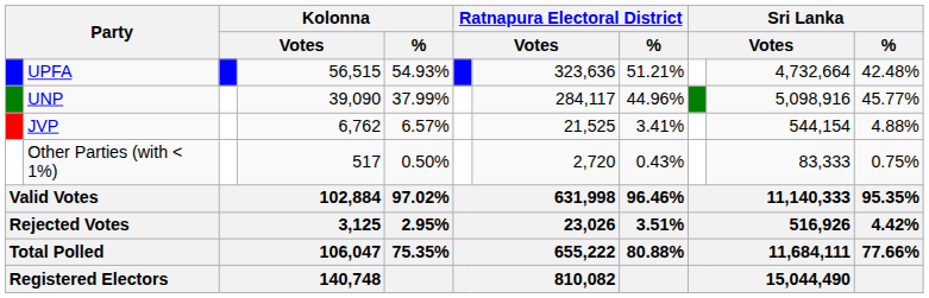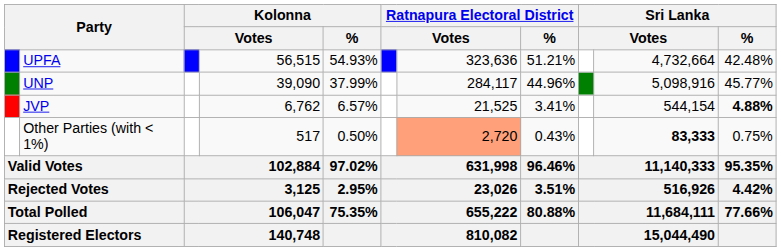 <table class="wikitable">
 <tr>
 <th colspan="2" width="144px"rowspan="2">Party</th>
 <th colspan="3" width="216px">Kolonna</th>
 <th colspan="3" width="216px"><a href='#'>Ratnapura Electoral District</a></th>
 <th colspan="3" width="216px">Sri Lanka</th>
 </tr>
 <tr>
 <th colspan="2" width="144px">Votes</th>
 <th>%</th>
 <th colspan="2" width="144px">Votes</th>
 <th>%</th>
 <th colspan="2" width="144px">Votes</th>
 <th>%</th>
 </tr>
 <tr>
 <td style="background-color:blue;" width="10px"></td>
 <td style="text-align:left;"><a href='#'>UPFA</a></td>
 <td style="background-color:blue;" width="10px"></td>
 <td style="text-align:right;">56,515</td>
 <td style="text-align:right;">54.93%</td>
 <td style="background-color:blue;" width="10px"></td>
 <td style="text-align:right;">323,636</td>
 <td style="text-align:right;">51.21%</td>
 <td style="background-color:white;" width="10px"></td>
 <td style="text-align:right;">4,732,664</td>
 <td style="text-align:right;">42.48%</td>
 </tr>
 <tr>
 <td style="background-color:green;" width="10px"></td>
 <td style="text-align:left;"><a href='#'>UNP</a></td>
 <td style="background-color:white;" width="10px"></td>
 <td style="text-align:right;">39,090</td>
 <td style="text-align:right;">37.99%</td>
 <td style="background-color:white;" width="10px"></td>
 <td style="text-align:right;">284,117</td>
 <td style="text-align:right;">44.96%</td>
 <td style="background-color:green;" width="10px"></td>
 <td style="text-align:right;">5,098,916</td>
 <td style="text-align:right;">45.77%</td>
 </tr>
 <tr>
 <td style="background-color:red;" width="10px"></td>
 <td style="text-align:left;"><a href='#'>JVP</a></td>
 <td style="background-color:white;" width="10px"></td>
 <td style="text-align:right;">6,762</td>
 <td style="text-align:right;">6.57%</td>
 <td style="background-color:white;" width="10px"></td>
 <td style="text-align:right;">21,525</td>
 <td style="text-align:right;">3.41%</td>
 <td style="background-color:white;" width="10px"></td>
 <td style="text-align:right;">544,154</td>
-<td style="text-align:right;">4.88%</td>
+<td style="text-align:right;"><strong>4.88%</strong></td>
 </tr>
 <tr>
 <td style="background-color:white;" width="10px"></td>
 <td style="text-align:left;">Other Parties (with < 1%)</td>
 <td style="background-color:white;" width="10px"></td>
 <td style="text-align:right;">517</td>
 <td style="text-align:right;">0.50%</td>
 <td style="background-color:white;" width="10px"></td>
-<td style="text-align:right;">2,720</td>
+<td style="background: lightsalmon; text-align:right;">2,720</td>
 <td style="text-align:right;">0.43%</td>
 <td style="background-color:white;" width="10px"></td>
-<td style="text-align:right;">83,333</td>
+<td style="text-align:right;"><strong>83,333</strong></td>
 <td style="text-align:right;">0.75%</td>
 </tr>
 <tr>
 <th colspan="2" width="144px"style="text-align:left;">Valid Votes</th>
 <th style="text-align:right;"colspan="2" width="144px">102,884</th>
 <th style="text-align:right;">97.02%</th>
 <th style="text-align:right;"colspan="2" width="144px">631,998</th>
 <th style="text-align:right;">96.46%</th>
 <th style="text-align:right;"colspan="2" width="144px">11,140,333</th>
 <th style="text-align:right;">95.35%</th>
 </tr>
 <tr>
 <th colspan="2" width="144px"style="text-align:left;">Rejected Votes</th>
 <th style="text-align:right;"colspan="2" width="144px">3,125</th>
 <th style="text-align:right;">2.95%</th>
 <th style="text-align:right;"colspan="2" width="144px">23,026</th>
 <th style="text-align:right;">3.51%</th>
 <th style="text-align:right;"colspan="2" width="144px">516,926</th>
 <th style="text-align:right;">4.42%</th>
 </tr>
 <tr>
 <th colspan="2" width="144px"style="text-align:left;">Total Polled</th>
 <th style="text-align:right;"colspan="2" width="144px">106,047</th>
 <th style="text-align:right;">75.35%</th>
 <th style="text-align:right;"colspan="2" width="144px">655,222</th>
 <th style="text-align:right;">80.88%</th>
 <th style="text-align:right;"colspan="2" width="144px">11,684,111</th>
 <th style="text-align:right;">77.66%</th>
 </tr>
 <tr>
 <th colspan="2" width="144px"style="text-align:left;">Registered Electors</th>
 <th style="text-align:right;"colspan="2" width="144px">140,748</th>
 <th></th>
 <th style="text-align:right;"colspan="2" width="144px">810,082</th>
 <th></th>
 <th style="text-align:right;"colspan="2" width="144px">15,044,490</th>
 <th></th>
 </tr>
 </table>
